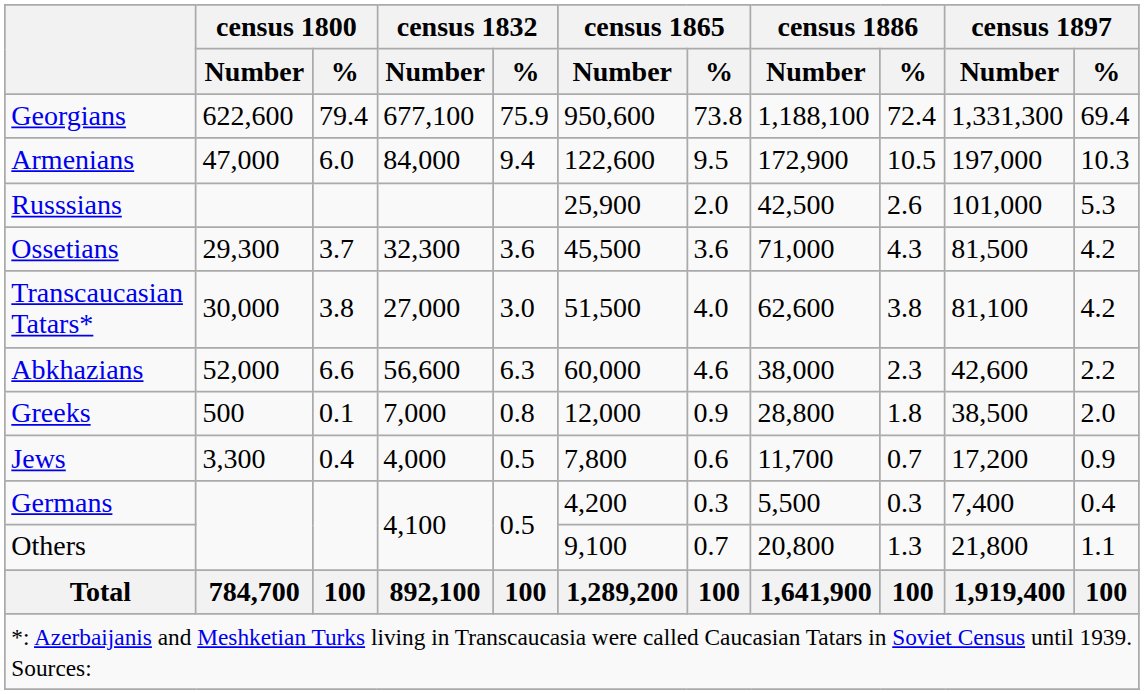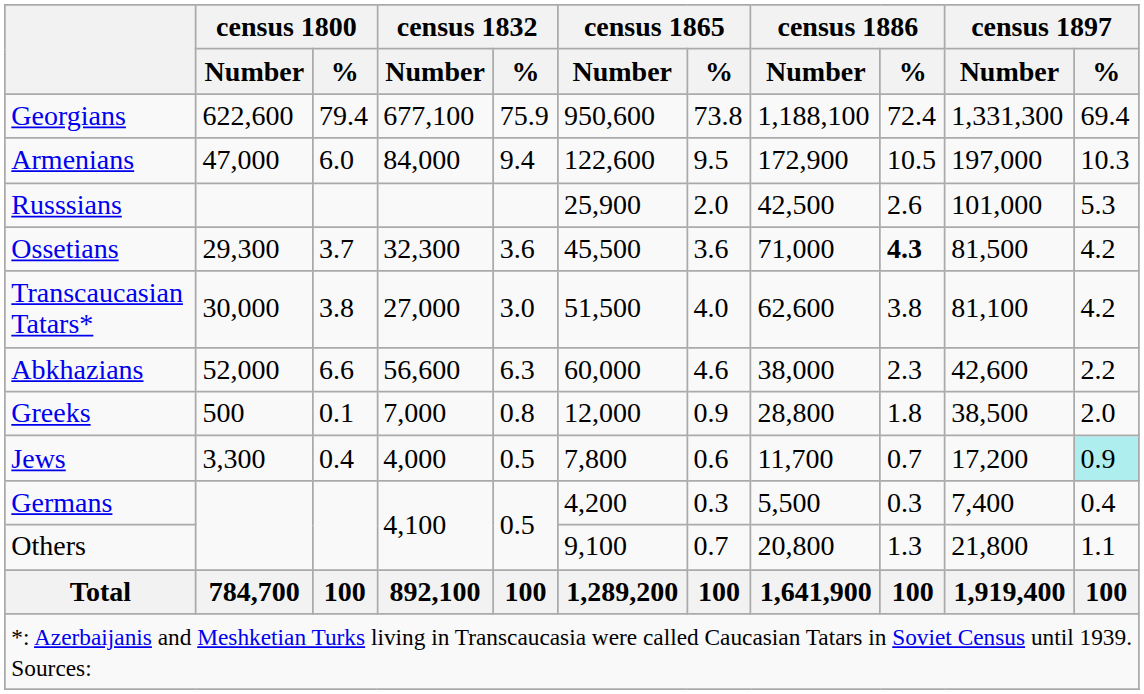 <table class="wikitable">
 <tr>
 <th rowspan="2"></th>
 <th colspan="2">census 1800</th>
 <th colspan="2">census 1832</th>
 <th colspan="2">census 1865</th>
 <th colspan="2">census 1886</th>
 <th colspan="2">census 1897</th>
 </tr>
 <tr>
 <th>Number</th>
 <th>%</th>
 <th>Number</th>
 <th>%</th>
 <th>Number</th>
 <th>%</th>
 <th>Number</th>
 <th>%</th>
 <th>Number</th>
 <th>%</th>
 </tr>
 <tr>
 <td><a href='#'>Georgians</a></td>
 <td>622,600</td>
 <td>79.4</td>
 <td>677,100</td>
 <td>75.9</td>
 <td>950,600</td>
 <td>73.8</td>
 <td>1,188,100</td>
 <td>72.4</td>
 <td>1,331,300</td>
 <td>69.4</td>
 </tr>
 <tr>
 <td><a href='#'>Armenians</a></td>
 <td>47,000</td>
 <td>6.0</td>
 <td>84,000</td>
 <td>9.4</td>
 <td>122,600</td>
 <td>9.5</td>
 <td>172,900</td>
 <td>10.5</td>
 <td>197,000</td>
 <td>10.3</td>
 </tr>
 <tr>
 <td><a href='#'>Russsians</a></td>
 <td></td>
 <td></td>
 <td></td>
 <td></td>
 <td>25,900</td>
 <td>2.0</td>
 <td>42,500</td>
 <td>2.6</td>
 <td>101,000</td>
 <td>5.3</td>
 </tr>
 <tr>
 <td><a href='#'>Ossetians</a></td>
 <td>29,300</td>
 <td>3.7</td>
 <td>32,300</td>
 <td>3.6</td>
 <td>45,500</td>
 <td>3.6</td>
 <td>71,000</td>
-<td>4.3</td>
+<td><strong>4.3</strong></td>
 <td>81,500</td>
 <td>4.2</td>
 </tr>
 <tr>
 <td><a href='#'>Transcaucasian</a><br><a href='#'>Tatars*</a></td>
 <td>30,000</td>
 <td>3.8</td>
 <td>27,000</td>
 <td>3.0</td>
 <td>51,500</td>
 <td>4.0</td>
 <td>62,600</td>
 <td>3.8</td>
 <td>81,100</td>
 <td>4.2</td>
 </tr>
 <tr>
 <td><a href='#'>Abkhazians</a></td>
 <td>52,000</td>
 <td>6.6</td>
 <td>56,600</td>
 <td>6.3</td>
 <td>60,000</td>
 <td>4.6</td>
 <td>38,000</td>
 <td>2.3</td>
 <td>42,600</td>
 <td>2.2</td>
 </tr>
 <tr>
 <td><a href='#'>Greeks</a></td>
 <td>500</td>
 <td>0.1</td>
 <td>7,000</td>
 <td>0.8</td>
 <td>12,000</td>
 <td>0.9</td>
 <td>28,800</td>
 <td>1.8</td>
 <td>38,500</td>
 <td>2.0</td>
 </tr>
 <tr>
 <td><a href='#'>Jews</a></td>
 <td>3,300</td>
 <td>0.4</td>
 <td>4,000</td>
 <td>0.5</td>
 <td>7,800</td>
 <td>0.6</td>
 <td>11,700</td>
 <td>0.7</td>
 <td>17,200</td>
-<td>0.9</td>
+<td style="background: paleturquoise;">0.9</td>
 </tr>
 <tr>
 <td><a href='#'>Germans</a></td>
 <td rowspan="2"></td>
 <td rowspan="2"></td>
 <td rowspan="2">4,100</td>
 <td rowspan="2">0.5</td>
 <td>4,200</td>
 <td>0.3</td>
 <td>5,500</td>
 <td>0.3</td>
 <td>7,400</td>
 <td>0.4</td>
 </tr>
 <tr>
 <td>Others</td>
 <td>9,100</td>
 <td>0.7</td>
 <td>20,800</td>
 <td>1.3</td>
 <td>21,800</td>
 <td>1.1</td>
 </tr>
 <tr>
 <th>Total</th>
 <th>784,700</th>
 <th>100</th>
 <th>892,100</th>
 <th>100</th>
 <th>1,289,200</th>
 <th>100</th>
 <th>1,641,900</th>
 <th>100</th>
 <th>1,919,400</th>
 <th>100</th>
 </tr>
 <tr>
 <td colspan="11"><small>*: <a href='#'>Azerbaijanis</a> and <a href='#'>Meshketian Turks</a> living in Transcaucasia were called Caucasian Tatars in <a href='#'>Soviet Census</a> until 1939.</small><br><small>Sources:</small></td>
 </tr>
 </table>
